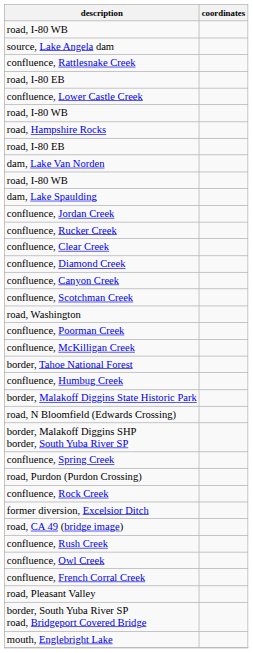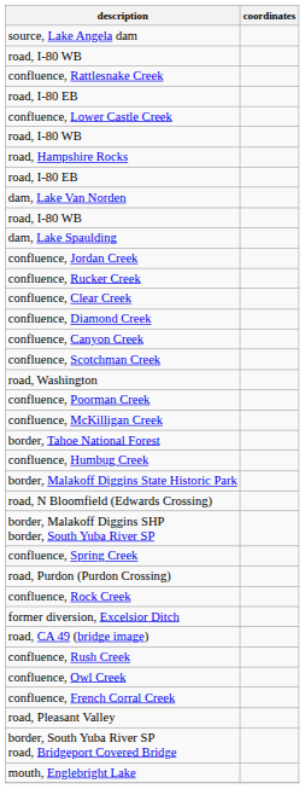 <table class="wikitable sortable">
 <tr>
 <th><small>description</small></th>
 <th><small>coordinates</small></th>
 </tr>
 <tr>
-<td>road, I-80 WB</td>
+<td>source, <a href='#'>Lake Angela</a> dam</td>
 <td><small></small></td>
 </tr>
 <tr>
-<td>source, <a href='#'>Lake Angela</a> dam</td>
+<td>road, I-80 WB</td>
 <td></td>
 </tr>
 <tr>
 <td>confluence, <a href='#'>Rattlesnake Creek</a></td>
 <td></td>
 </tr>
 <tr>
 <td>road, I-80 EB</td>
 <td></td>
 </tr>
 <tr>
 <td>confluence, <a href='#'>Lower Castle Creek</a></td>
 <td></td>
 </tr>
 <tr>
 <td>road, I-80 WB</td>
 <td></td>
 </tr>
 <tr>
 <td>road, <a href='#'>Hampshire Rocks</a></td>
 <td></td>
 </tr>
 <tr>
 <td>road, I-80 EB</td>
 <td></td>
 </tr>
 <tr>
 <td>dam, <a href='#'>Lake Van Norden</a></td>
 <td></td>
 </tr>
 <tr>
 <td>road, I-80 WB</td>
 <td></td>
 </tr>
 <tr>
 <td>dam, <a href='#'>Lake Spaulding</a></td>
 <td></td>
 </tr>
 <tr>
 <td>confluence, <a href='#'>Jordan Creek</a></td>
 <td></td>
 </tr>
 <tr>
 <td>confluence, <a href='#'>Rucker Creek</a></td>
 <td><small></small></td>
 </tr>
 <tr>
 <td>confluence, <a href='#'>Clear Creek</a></td>
 <td><small></small></td>
 </tr>
 <tr>
 <td>confluence, <a href='#'>Diamond Creek</a></td>
 <td><small></small></td>
 </tr>
 <tr>
 <td>confluence, <a href='#'>Canyon Creek</a></td>
 <td><small></small></td>
 </tr>
 <tr>
 <td>confluence, <a href='#'>Scotchman Creek</a></td>
 <td><small></small></td>
 </tr>
 <tr>
 <td>road, Washington</td>
 <td><small></small></td>
 </tr>
 <tr>
 <td>confluence, <a href='#'>Poorman Creek</a></td>
 <td><small></small></td>
 </tr>
 <tr>
 <td>confluence, <a href='#'>McKilligan Creek</a></td>
 <td><small></small></td>
 </tr>
 <tr>
 <td>border, <a href='#'>Tahoe National Forest</a></td>
 <td><small></small></td>
 </tr>
 <tr>
 <td>confluence, <a href='#'>Humbug Creek</a></td>
 <td><small></small></td>
 </tr>
 <tr>
 <td>border, <a href='#'>Malakoff Diggins State Historic Park</a></td>
 <td><small></small></td>
 </tr>
 <tr>
 <td>road, N Bloomfield (Edwards Crossing)</td>
 <td><small></small></td>
 </tr>
 <tr>
 <td>border, Malakoff Diggins SHP<br>border, <a href='#'>South Yuba River SP</a></td>
 <td><small></small></td>
 </tr>
 <tr>
 <td>confluence, <a href='#'>Spring Creek</a></td>
 <td><small></small></td>
 </tr>
 <tr>
 <td>road, Purdon (Purdon Crossing)</td>
 <td><small></small></td>
 </tr>
 <tr>
 <td>confluence, <a href='#'>Rock Creek</a></td>
 <td><small></small></td>
 </tr>
 <tr>
 <td>former diversion, <a href='#'>Excelsior Ditch</a></td>
 <td><small></small></td>
 </tr>
 <tr>
 <td>road, <a href='#'>CA 49</a> (<a href='#'>bridge image</a>)</td>
 <td></td>
 </tr>
 <tr>
 <td>confluence, <a href='#'>Rush Creek</a></td>
 <td><small></small></td>
 </tr>
 <tr>
 <td>confluence, <a href='#'>Owl Creek</a></td>
 <td></td>
 </tr>
 <tr>
 <td>confluence, <a href='#'>French Corral Creek</a></td>
 <td></td>
 </tr>
 <tr>
 <td>road, Pleasant Valley</td>
 <td><small></small></td>
 </tr>
 <tr>
 <td>border, South Yuba River SP<br>road, <a href='#'>Bridgeport Covered Bridge</a></td>
 <td><small></small></td>
 </tr>
 <tr>
 <td>mouth, <a href='#'>Englebright Lake</a></td>
 <td></td>
 </tr>
 <tr>
 </tr>
 </table>
